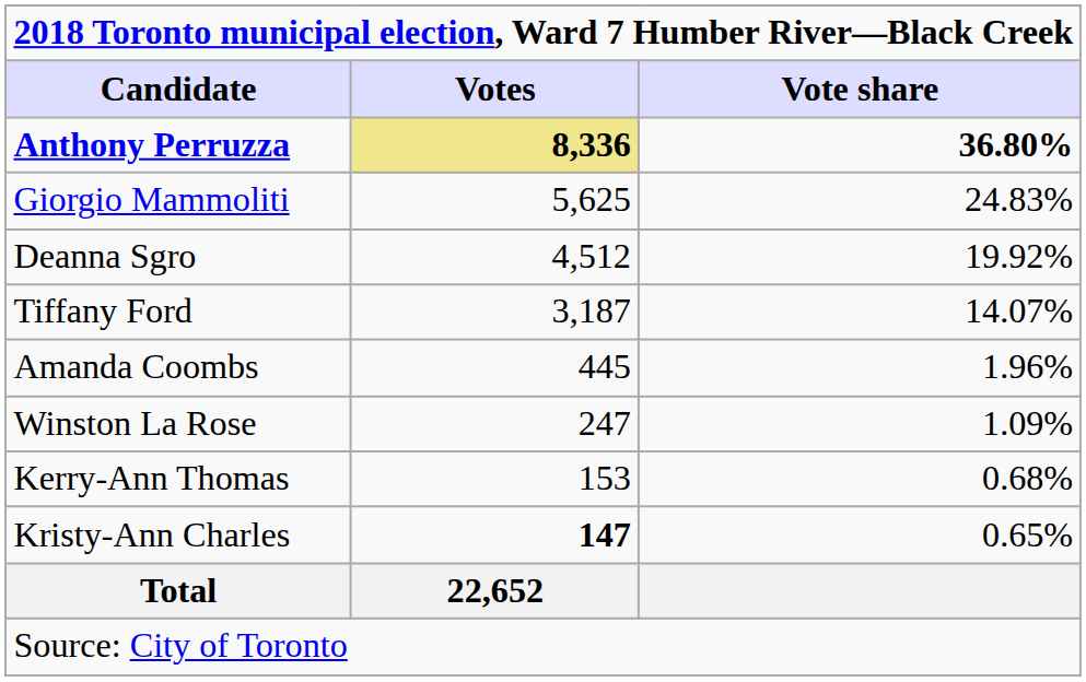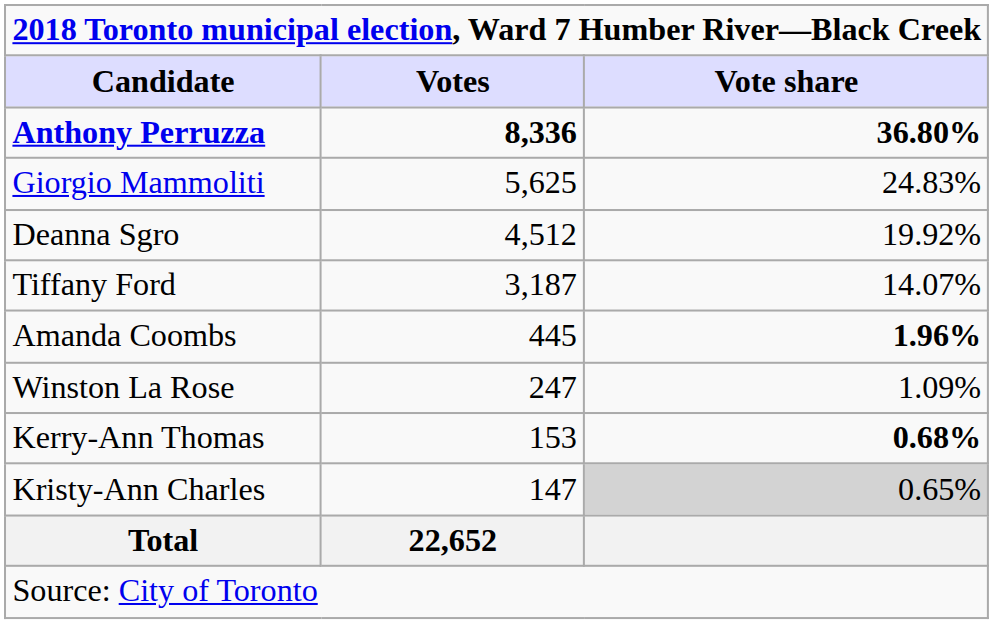 <table class="wikitable plainrowheaders">
 <tr>
 <td colspan="3"><strong><a href='#'>2018 Toronto municipal election</a>, Ward 7 Humber River—Black Creek</strong></td>
 </tr>
 <tr>
 <th scope="col" style="background:#ddf; width:150px;">Candidate</th>
 <th scope="col" style="background:#ddf;">Votes</th>
 <th scope="col" style="background:#ddf;">Vote share</th>
 </tr>
 <tr>
 <td scope="row"><strong><a href='#'>Anthony Perruzza</a></strong></td>
-<td align="right" style="background: khaki;"><strong>8,336</strong></td>
+<td align="right"><strong>8,336</strong></td>
 <td align="right"><strong>36.80%</strong></td>
 </tr>
 <tr>
 <td scope="row"><a href='#'>Giorgio Mammoliti</a></td>
 <td align="right">5,625</td>
 <td align="right">24.83%</td>
 </tr>
 <tr>
 <td scope="row">Deanna Sgro</td>
 <td align="right">4,512</td>
 <td align="right">19.92%</td>
 </tr>
 <tr>
 <td scope="row">Tiffany Ford</td>
 <td align="right">3,187</td>
 <td align="right">14.07%</td>
 </tr>
 <tr>
 <td scope="row">Amanda Coombs</td>
 <td align="right">445</td>
-<td align="right">1.96%</td>
+<td align="right"><strong>1.96%</strong></td>
 </tr>
 <tr>
 <td scope="row">Winston La Rose</td>
 <td align="right">247</td>
 <td align="right">1.09%</td>
 </tr>
 <tr>
 <td scope="row">Kerry-Ann Thomas</td>
 <td align="right">153</td>
-<td align="right">0.68%</td>
+<td align="right"><strong>0.68%</strong></td>
 </tr>
 <tr>
 <td scope="row">Kristy-Ann Charles</td>
-<td align="right"><strong>147</strong></td>
-<td align="right">0.65%</td>
+<td align="right">147</td>
+<td align="right" style="background: lightgrey;">0.65%</td>
 </tr>
 <tr>
 <th scope="row"><strong>Total</strong></th>
 <th align="right">22,652</th>
 <th align="right"></th>
 </tr>
 <tr>
 <td colspan="3">Source: <a href='#'>City of Toronto</a></td>
 </tr>
 </table>
